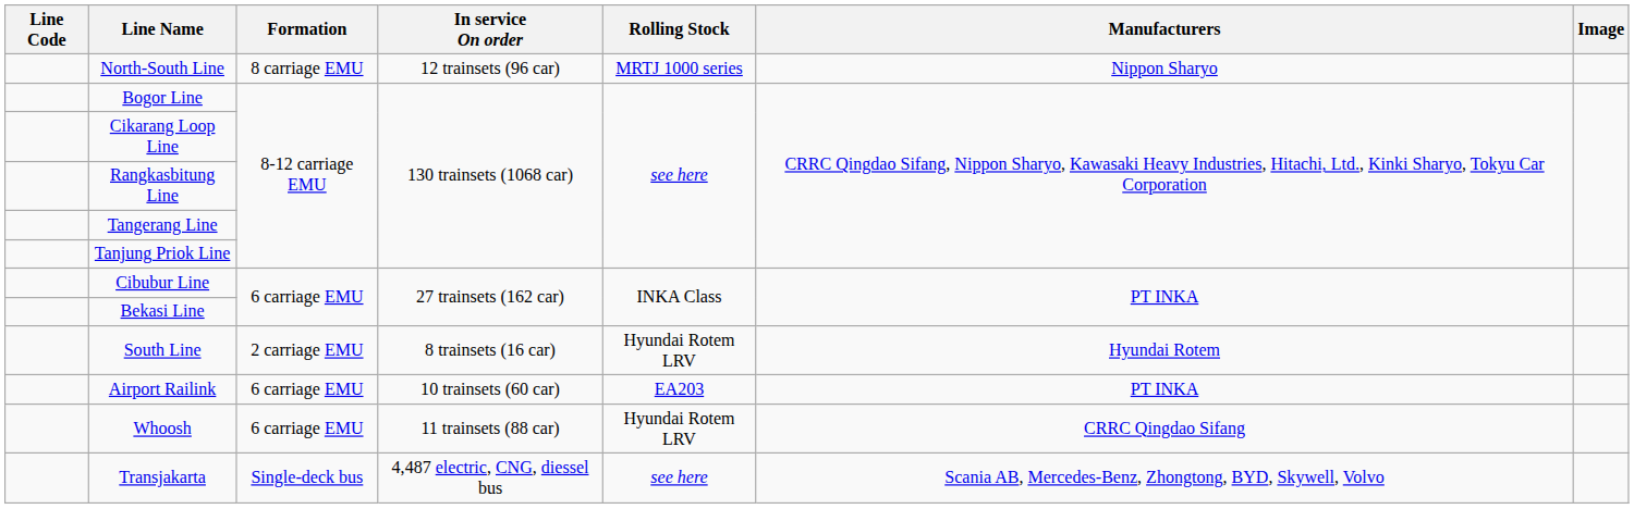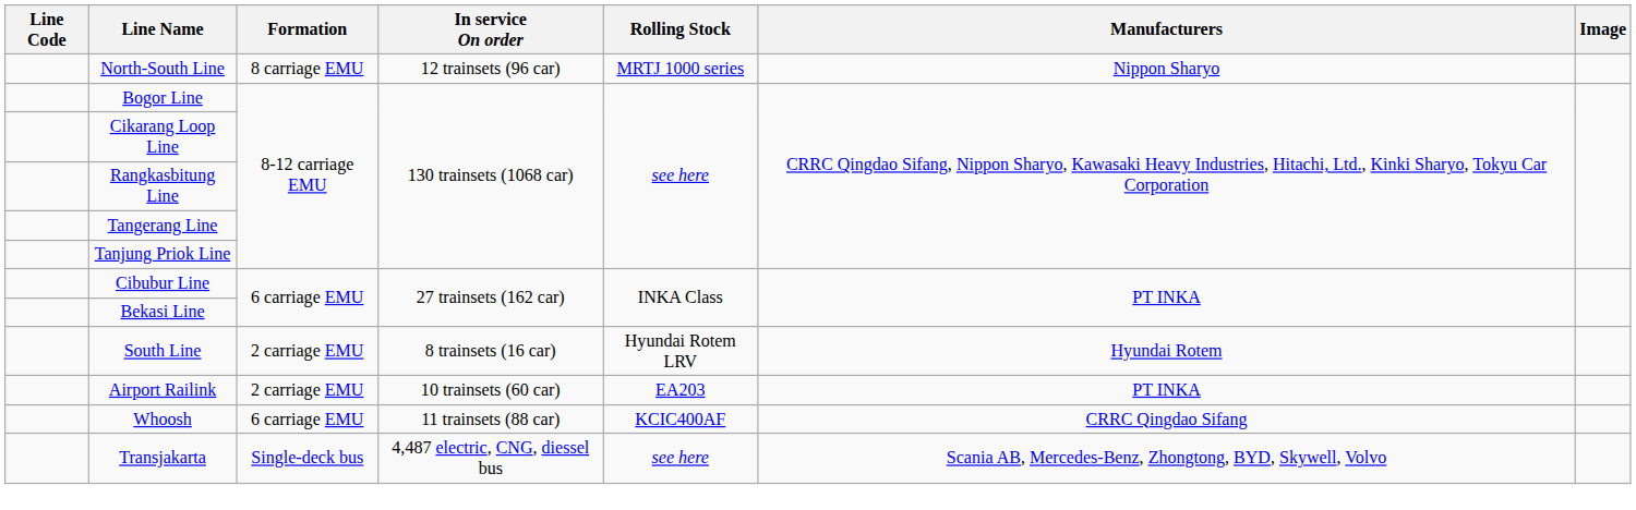 <table class="wikitable"; style="margin:auto; font-align:center; text-align:center; font-size:85%">
 <tr>
 <th>Line Code</th>
 <th>Line Name</th>
 <th>Formation</th>
 <th>In service <br><em>On order</em></th>
 <th>Rolling Stock</th>
 <th>Manufacturers</th>
 <th>Image</th>
 </tr>
 <tr align=>
 <td align=center></td>
 <td><a href='#'>North-South Line</a></td>
 <td>8 carriage <a href='#'>EMU</a></td>
 <td>12 trainsets (96 car)</td>
 <td><a href='#'>MRTJ 1000 series</a></td>
 <td> <a href='#'>Nippon Sharyo</a></td>
 <td></td>
 </tr>
 <tr align=>
 <td align=center></td>
 <td><a href='#'>Bogor Line</a></td>
 <td rowspan="5">8-12 carriage <a href='#'>EMU</a></td>
 <td rowspan="5">130 trainsets (1068 car)</td>
 <td rowspan="5"><a href='#'><em>see here</em></a></td>
 <td rowspan="5">  <a href='#'>CRRC Qingdao Sifang</a>, <a href='#'>Nippon Sharyo</a>, <a href='#'>Kawasaki Heavy Industries</a>, <a href='#'>Hitachi, Ltd.</a>, <a href='#'>Kinki Sharyo</a>, <a href='#'>Tokyu Car Corporation</a></td>
 <td rowspan="5"></td>
 </tr>
 <tr align=>
 <td align=center></td>
 <td><a href='#'>Cikarang Loop Line</a></td>
 </tr>
 <tr align=>
 <td align=center></td>
 <td><a href='#'>Rangkasbitung Line</a></td>
 </tr>
 <tr align=>
 <td align=center></td>
 <td><a href='#'>Tangerang Line</a></td>
 </tr>
 <tr align=>
 <td align=center></td>
 <td><a href='#'>Tanjung Priok Line</a></td>
 </tr>
 <tr align=>
 <td align=center></td>
 <td><a href='#'>Cibubur Line</a></td>
 <td rowspan="2">6 carriage <a href='#'>EMU</a></td>
 <td rowspan="2">27 trainsets (162 car)</td>
 <td rowspan="2">INKA Class</td>
 <td rowspan="2"> <a href='#'>PT INKA</a></td>
 <td rowspan="2"></td>
 </tr>
 <tr align=>
 <td align=center></td>
 <td><a href='#'>Bekasi Line</a></td>
 </tr>
 <tr align=>
 <td align=center></td>
 <td><a href='#'>South Line</a></td>
 <td>2 carriage <a href='#'>EMU</a></td>
 <td>8 trainsets (16 car)</td>
 <td>Hyundai Rotem LRV</td>
 <td> <a href='#'>Hyundai Rotem</a></td>
 <td></td>
 </tr>
 <tr align=>
 <td align=center></td>
 <td><a href='#'>Airport Railink</a></td>
-<td>6 carriage <a href='#'>EMU</a></td>
+<td>2 carriage <a href='#'>EMU</a></td>
 <td>10 trainsets (60 car)</td>
 <td><a href='#'>EA203</a></td>
 <td> <a href='#'>PT INKA</a></td>
 <td></td>
 </tr>
 <tr align=>
 <td align=center></td>
 <td><a href='#'>Whoosh</a></td>
 <td>6 carriage <a href='#'>EMU</a></td>
 <td>11 trainsets (88 car)</td>
-<td>Hyundai Rotem LRV</td>
+<td><a href='#'>KCIC400AF</a></td>
 <td> <a href='#'>CRRC Qingdao Sifang</a></td>
 <td></td>
 </tr>
 <tr align=>
 <td align=center></td>
 <td><a href='#'>Transjakarta</a></td>
 <td><a href='#'>Single-deck bus</a></td>
 <td>4,487 <a href='#'>electric</a>, <a href='#'>CNG</a>, <a href='#'>diessel</a> bus</td>
 <td><a href='#'><em>see here</em></a></td>
 <td> <a href='#'>Scania AB</a>, <a href='#'>Mercedes-Benz</a>, <a href='#'>Zhongtong</a>, <a href='#'>BYD</a>, <a href='#'>Skywell</a>, <a href='#'>Volvo</a></td>
 <td></td>
 </tr>
 </table>
